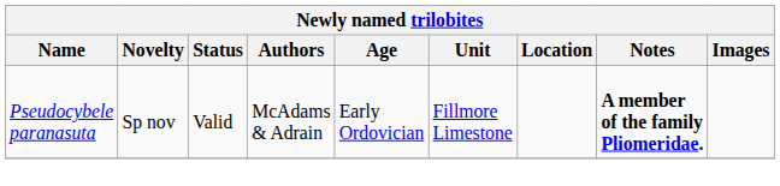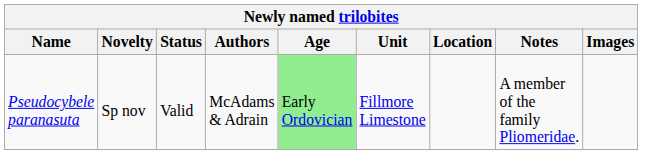 <table class="wikitable sortable" align="center" width="100%">
 <tr>
 <th colspan="9" align="center"><strong>Newly named <a href='#'>trilobites</a></strong></th>
 </tr>
 <tr>
 <th>Name</th>
 <th>Novelty</th>
 <th>Status</th>
 <th>Authors</th>
 <th>Age</th>
 <th>Unit</th>
 <th>Location</th>
 <th>Notes</th>
 <th>Images</th>
 </tr>
 <tr>
 <td><br><em><a href='#'>Pseudocybele paranasuta</a></em></td>
 <td><br>Sp nov</td>
 <td><br>Valid</td>
 <td><br>McAdams & Adrain</td>
-<td><br>Early <a href='#'>Ordovician</a></td>
+<td style="background: lightgreen;"><br>Early <a href='#'>Ordovician</a></td>
 <td><br><a href='#'>Fillmore Limestone</a></td>
 <td><br></td>
-<td><strong><br>A member of the family <a href='#'>Pliomeridae</a>.</strong></td>
+<td><br>A member of the family <a href='#'>Pliomeridae</a>.</td>
 <td></td>
 </tr>
 <tr>
 </tr>
 </table>
